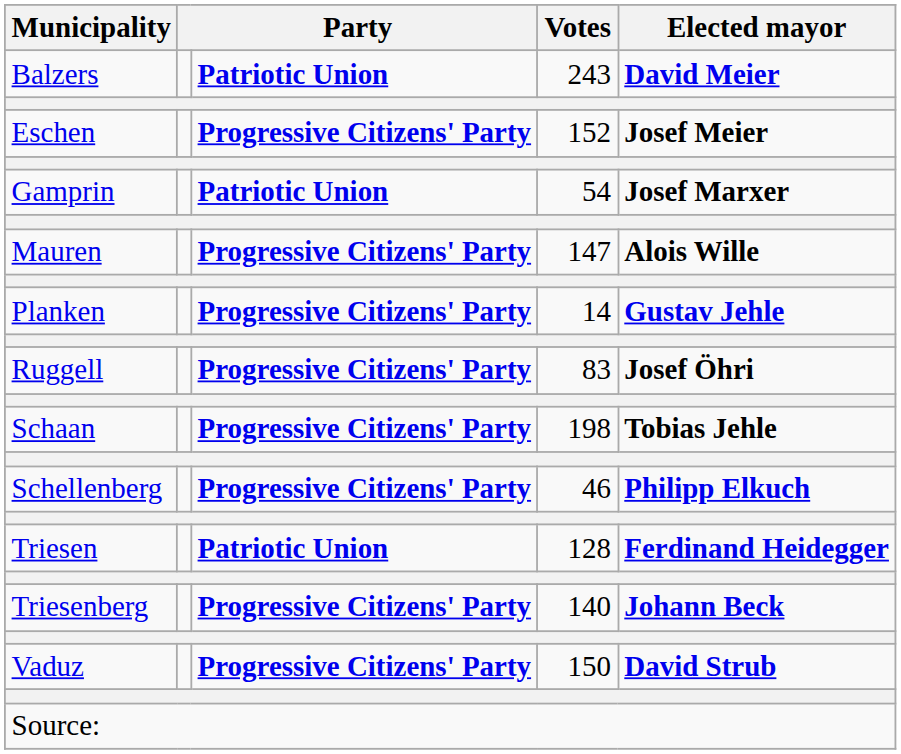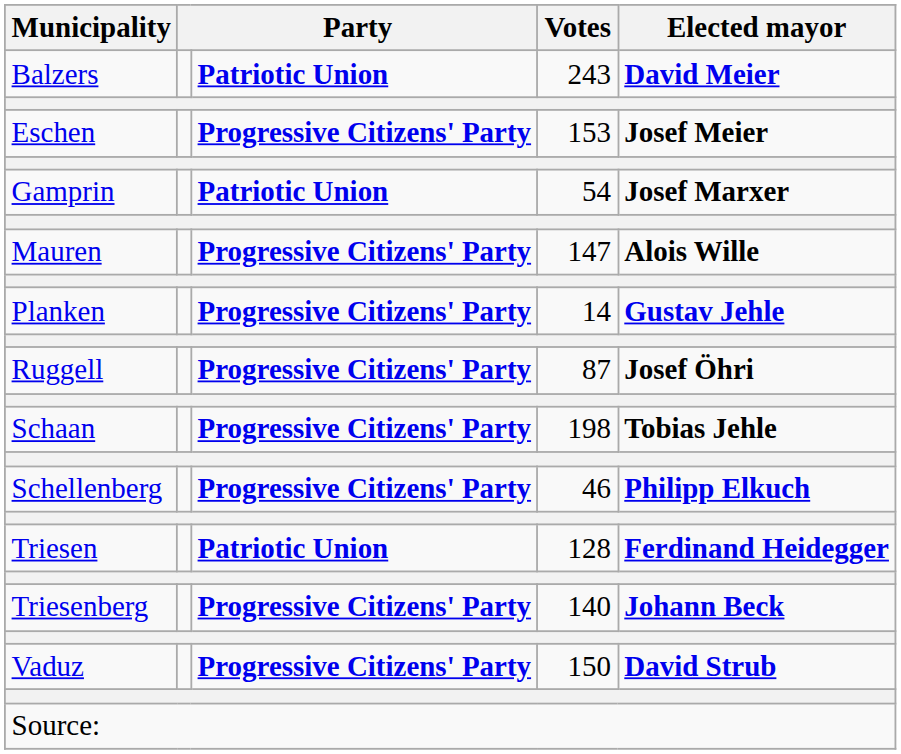 <table class="wikitable" style="text-align:right">
 <tr>
 <th>Municipality</th>
 <th colspan="2">Party</th>
 <th>Votes</th>
 <th>Elected mayor</th>
 </tr>
 <tr>
 <td align="left"><a href='#'>Balzers</a></td>
 <td style="color:inherit;background:"></td>
 <td align="left"><a href='#'><strong>Patriotic Union</strong></a></td>
 <td>243</td>
 <td align="left"><strong><a href='#'>David Meier</a></strong></td>
 </tr>
 <tr>
 <th colspan="5"></th>
 </tr>
 <tr>
 <td align="left"><a href='#'>Eschen</a></td>
 <td style="color:inherit;background:"></td>
 <td align="left"><strong><a href='#'>Progressive Citizens' Party</a></strong></td>
-<td>152</td>
+<td>153</td>
 <td align="left"><strong>Josef Meier</strong></td>
 </tr>
 <tr>
 <th colspan="5"></th>
 </tr>
 <tr>
 <td align="left"><a href='#'>Gamprin</a></td>
 <td style="color:inherit;background:"></td>
 <td align="left"><a href='#'><strong>Patriotic Union</strong></a></td>
 <td>54</td>
 <td align="left"><strong>Josef Marxer</strong></td>
 </tr>
 <tr>
 <th colspan="5"></th>
 </tr>
 <tr>
 <td align="left"><a href='#'>Mauren</a></td>
 <td style="color:inherit;background:"></td>
 <td align="left"><strong><a href='#'>Progressive Citizens' Party</a></strong></td>
 <td>147</td>
 <td align="left"><strong>Alois Wille</strong></td>
 </tr>
 <tr>
 <th colspan="5"></th>
 </tr>
 <tr>
 <td align="left"><a href='#'>Planken</a></td>
 <td style="color:inherit;background:"></td>
 <td align="left"><strong><a href='#'>Progressive Citizens' Party</a></strong></td>
 <td>14</td>
 <td align="left"><strong><a href='#'>Gustav Jehle</a></strong></td>
 </tr>
 <tr>
 <th colspan="5"></th>
 </tr>
 <tr>
 <td align="left"><a href='#'>Ruggell</a></td>
 <td style="color:inherit;background:"></td>
 <td align="left"><strong><a href='#'>Progressive Citizens' Party</a></strong></td>
-<td>83</td>
+<td>87</td>
 <td align="left"><strong>Josef Öhri</strong></td>
 </tr>
 <tr>
 <th colspan="5"></th>
 </tr>
 <tr>
 <td align="left"><a href='#'>Schaan</a></td>
 <td style="color:inherit;background:"></td>
 <td align="left"><strong><a href='#'>Progressive Citizens' Party</a></strong></td>
 <td>198</td>
 <td align="left"><strong>Tobias Jehle</strong></td>
 </tr>
 <tr>
 <th colspan="5"></th>
 </tr>
 <tr>
 <td align="left"><a href='#'>Schellenberg</a></td>
 <td style="color:inherit;background:"></td>
 <td align="left"><strong><a href='#'>Progressive Citizens' Party</a></strong></td>
 <td>46</td>
 <td align="left"><strong><a href='#'>Philipp Elkuch</a></strong></td>
 </tr>
 <tr>
 <th colspan="5"></th>
 </tr>
 <tr>
 <td align="left"><a href='#'>Triesen</a></td>
 <td style="color:inherit;background:"></td>
 <td align="left"><a href='#'><strong>Patriotic Union</strong></a></td>
 <td>128</td>
 <td align="left"><strong><a href='#'>Ferdinand Heidegger</a></strong></td>
 </tr>
 <tr>
 <th colspan="5"></th>
 </tr>
 <tr>
 <td align="left"><a href='#'>Triesenberg</a></td>
 <td style="color:inherit;background:"></td>
 <td align="left"><strong><a href='#'>Progressive Citizens' Party</a></strong></td>
 <td>140</td>
 <td align="left"><strong><a href='#'>Johann Beck</a></strong></td>
 </tr>
 <tr>
 <th colspan="5"></th>
 </tr>
 <tr>
 <td align="left"><a href='#'>Vaduz</a></td>
 <td style="color:inherit;background:"></td>
 <td align="left"><strong><a href='#'>Progressive Citizens' Party</a></strong></td>
 <td>150</td>
 <td align="left"><strong><a href='#'>David Strub</a></strong></td>
 </tr>
 <tr>
 <th colspan="5"></th>
 </tr>
 <tr>
 <td colspan="5" align="left">Source: </td>
 </tr>
 </table>
